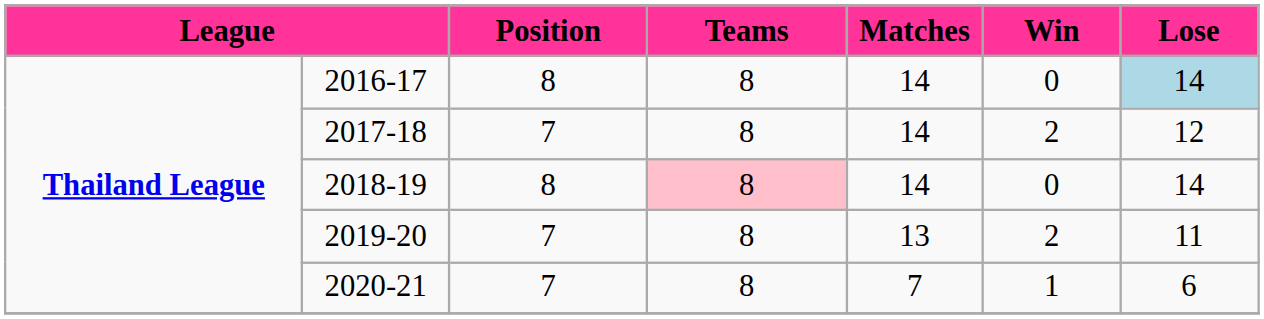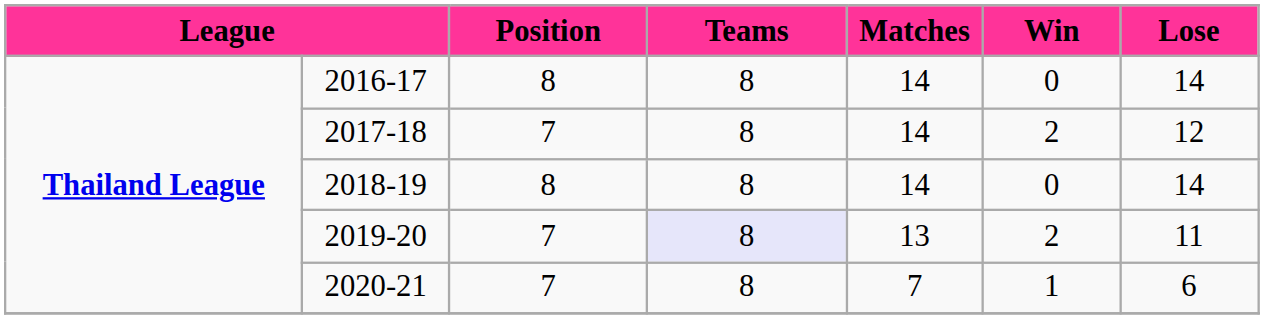 <table class="wikitable" style= "text-align:center; font-size: smaller;">
 <tr style= "background: #FF3399; font-weight:bold;">
 <td colspan="2" style="width:14em;"><span>League</span></td>
 <td style="width:6em;"><span>Position</span></td>
 <td style="width:6em;"><span>Teams</span></td>
 <td style="width:4em;"><span>Matches</span></td>
 <td style="width:4em;"><span>Win</span></td>
 <td style="width:4em;"><span>Lose</span></td>
 </tr>
 <tr>
 <td rowspan="5" align="center"><strong><a href='#'>Thailand League</a></strong></td>
 <td>2016-17</td>
 <td>8</td>
 <td align="center">8</td>
 <td align="center">14</td>
 <td align="center">0</td>
-<td align="center" style="background: lightblue;">14</td>
+<td align="center">14</td>
 </tr>
 <tr>
 <td>2017-18</td>
 <td>7</td>
 <td align="center">8</td>
 <td align="center">14</td>
 <td align="center">2</td>
 <td align="center">12</td>
 </tr>
 <tr>
 <td>2018-19</td>
 <td>8</td>
-<td align="center" style="background: pink;">8</td>
+<td align="center">8</td>
 <td align="center">14</td>
 <td align="center">0</td>
 <td align="center">14</td>
 </tr>
 <tr>
 <td>2019-20</td>
 <td>7</td>
-<td align="center">8</td>
+<td align="center" style="background: lavender;">8</td>
 <td align="center">13</td>
 <td align="center">2</td>
 <td align="center">11</td>
 </tr>
 <tr>
 <td>2020-21</td>
 <td>7</td>
 <td align="center">8</td>
 <td align="center">7</td>
 <td align="center">1</td>
 <td align="center">6</td>
 </tr>
 <tr>
 </tr>
 </table>
